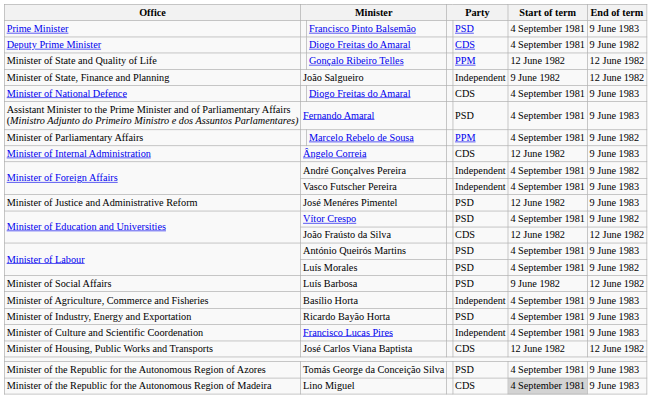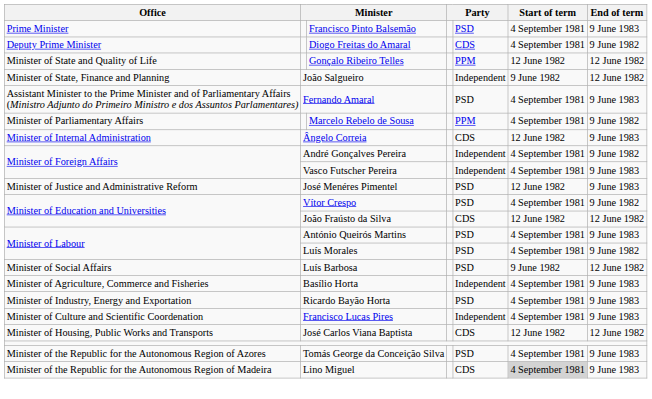 <table class="wikitable">
 <tr>
 <th>Office</th>
 <th colspan="2">Minister</th>
 <th colspan="2">Party</th>
 <th>Start of term</th>
 <th>End of term</th>
 </tr>
 <tr>
 <td><a href='#'>Prime Minister</a></td>
 <td></td>
 <td><a href='#'>Francisco Pinto Balsemão</a></td>
 <td style="background:"></td>
 <td><a href='#'>PSD</a></td>
 <td>4 September 1981</td>
 <td>9 June 1983</td>
 </tr>
 <tr>
 <td><a href='#'>Deputy Prime Minister</a></td>
 <td></td>
 <td><a href='#'>Diogo Freitas do Amaral</a></td>
 <td width="2px" style="background:"><br></td>
 <td><a href='#'>CDS</a></td>
 <td>4 September 1981</td>
 <td>9 June 1982</td>
 </tr>
 <tr>
 <td>Minister of State and Quality of Life</td>
 <td></td>
 <td><a href='#'>Gonçalo Ribeiro Telles</a></td>
 <td style="background:"></td>
 <td><a href='#'>PPM</a></td>
 <td>12 June 1982</td>
 <td>12 June 1982</td>
 </tr>
 <tr>
 <td>Minister of State, Finance and Planning</td>
 <td colspan="2">João Salgueiro</td>
 <td style="background:"></td>
 <td>Independent</td>
 <td>9 June 1982</td>
 <td>12 June 1982</td>
-</tr>
-<tr>
-<td><a href='#'>Minister of National Defence</a></td>
-<td></td>
-<td><a href='#'>Diogo Freitas do Amaral</a></td>
-<td style="background:"></td>
-<td>CDS</td>
-<td>4 September 1981</td>
-<td>9 June 1983</td>
 </tr>
 <tr>
 <td>Assistant Minister to the Prime Minister and of Parliamentary Affairs<br>(<em>Ministro Adjunto do Primeiro Ministro e dos Assuntos Parlamentares)</em></td>
 <td colspan="2"><a href='#'>Fernando Amaral</a></td>
 <td style="background:"></td>
 <td>PSD</td>
 <td>4 September 1981</td>
 <td>9 June 1983</td>
 </tr>
 <tr>
 <td>Minister of Parliamentary Affairs</td>
 <td></td>
 <td><a href='#'>Marcelo Rebelo de Sousa</a></td>
 <td style="background:"></td>
 <td><a href='#'>PPM</a></td>
 <td>4 September 1981</td>
 <td>9 June 1982</td>
 </tr>
 <tr>
 <td><a href='#'>Minister of Internal Administration</a></td>
 <td colspan="2"><a href='#'>Ângelo Correia</a></td>
 <td style="background:"></td>
 <td>CDS</td>
 <td>12 June 1982</td>
 <td>9 June 1983</td>
 </tr>
 <tr>
 <td rowspan="2"><a href='#'>Minister of Foreign Affairs</a></td>
 <td colspan="2">André Gonçalves Pereira</td>
 <td style="background:"></td>
 <td>Independent</td>
 <td>4 September 1981</td>
 <td>9 June 1982</td>
 </tr>
 <tr>
 <td colspan="2">Vasco Futscher Pereira</td>
 <td style="background:"></td>
 <td>Independent</td>
 <td>4 September 1981</td>
 <td>9 June 1983</td>
 </tr>
 <tr>
 <td>Minister of Justice and Administrative Reform</td>
 <td colspan="2">José Menéres Pimentel</td>
 <td style="background:"></td>
 <td>PSD</td>
 <td>12 June 1982</td>
 <td>9 June 1983</td>
 </tr>
 <tr>
 <td rowspan="2"><a href='#'>Minister of Education and Universities</a></td>
 <td colspan="2"><a href='#'>Vítor Crespo</a></td>
 <td style="background:"></td>
 <td>PSD</td>
 <td>4 September 1981</td>
 <td>9 June 1982</td>
 </tr>
 <tr>
 <td colspan="2">João Fraústo da Silva</td>
 <td style="background:"></td>
 <td>CDS</td>
 <td>12 June 1982</td>
 <td>12 June 1982</td>
 </tr>
 <tr>
 <td rowspan="2"><a href='#'>Minister of Labour</a></td>
 <td colspan="2">António Queirós Martins</td>
 <td style="background:"></td>
 <td>PSD</td>
 <td>4 September 1981</td>
 <td>9 June 1983</td>
 </tr>
 <tr>
 <td colspan="2">Luís Morales</td>
 <td style="background:"></td>
 <td>PSD</td>
 <td>4 September 1981</td>
 <td>9 June 1982</td>
 </tr>
 <tr>
 <td>Minister of Social Affairs</td>
 <td colspan="2">Luís Barbosa</td>
 <td style="background:"></td>
 <td>PSD</td>
 <td>9 June 1982</td>
 <td>12 June 1982</td>
 </tr>
 <tr>
 <td>Minister of Agriculture, Commerce and Fisheries</td>
 <td colspan="2">Basílio Horta</td>
 <td style="background:"></td>
 <td>Independent</td>
 <td>4 September 1981</td>
 <td>9 June 1983</td>
 </tr>
 <tr>
 <td>Minister of Industry, Energy and Exportation</td>
 <td colspan="2">Ricardo Bayão Horta</td>
 <td style="background:"></td>
 <td>PSD</td>
 <td>4 September 1981</td>
 <td>9 June 1983</td>
 </tr>
 <tr>
 <td>Minister of Culture and Scientific Coordenation</td>
 <td colspan="2"><a href='#'>Francisco Lucas Pires</a></td>
 <td style="background:"></td>
 <td>Independent</td>
 <td>4 September 1981</td>
 <td>9 June 1983</td>
 </tr>
 <tr>
 <td>Minister of Housing, Public Works and Transports</td>
 <td colspan="2">José Carlos Viana Baptista</td>
 <td style="background:"></td>
 <td>CDS</td>
 <td>12 June 1982</td>
 <td>12 June 1982</td>
 </tr>
 <tr>
 <td colspan="7"></td>
 </tr>
 <tr>
 <td>Minister of the Republic for the Autonomous Region of Azores</td>
 <td colspan="2">Tomás George da Conceição Silva</td>
 <td style="background:"></td>
 <td>PSD</td>
 <td>4 September 1981</td>
 <td>9 June 1983</td>
 </tr>
 <tr>
 <td>Minister of the Republic for the Autonomous Region of Madeira</td>
 <td colspan="2">Lino Miguel</td>
 <td style="background:"></td>
 <td>CDS</td>
 <td style="background: lightgrey;">4 September 1981</td>
 <td>9 June 1983</td>
 </tr>
 </table>
